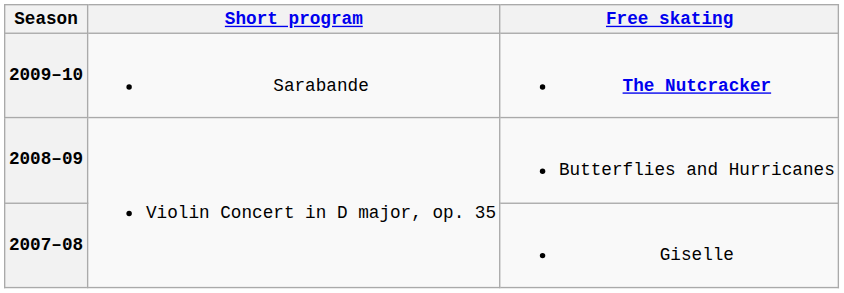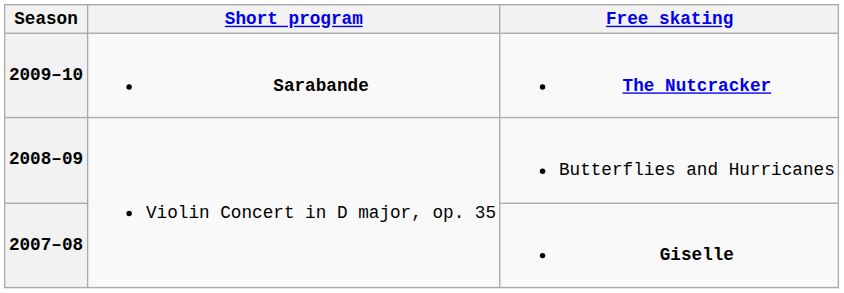 <table class=wikitable style=text-align:center>
 <tr>
 <th>Season</th>
 <th><a href='#'>Short program</a></th>
 <th><a href='#'>Free skating</a></th>
 </tr>
 <tr>
 <th>2009–10 <br> </th>
-<td><br><ul><li>Sarabande</li></ul></td>
+<td><strong><br><ul><li>Sarabande</li></ul></strong></td>
 <td><strong><br><ul><li><a href='#'>The Nutcracker</a> <br></li></ul></strong></td>
 </tr>
 <tr>
 <th>2008–09 <br> </th>
 <td rowspan=2><br><ul><li>Violin Concert in D major, op. 35 <br></li></ul></td>
 <td><br><ul><li>Butterflies and Hurricanes <br></li></ul></td>
 </tr>
 <tr>
 <th>2007–08 <br> </th>
-<td><br><ul><li>Giselle <br></li></ul></td>
+<td><strong><br><ul><li>Giselle <br></li></ul></strong></td>
 </tr>
 </table>
